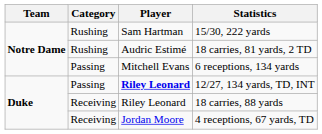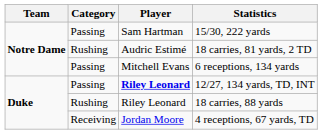 <table class="wikitable" style="float: right;">
 <tr>
 <th>Team</th>
 <th>Category</th>
 <th>Player</th>
 <th>Statistics</th>
 </tr>
 <tr>
 <td rowspan=3><strong>Notre Dame</strong></td>
-<td>Rushing</td>
+<td>Passing</td>
 <td>Sam Hartman</td>
 <td>15/30, 222 yards</td>
 </tr>
 <tr>
 <td>Rushing</td>
 <td>Audric Estimé</td>
 <td>18 carries, 81 yards, 2 TD</td>
 </tr>
 <tr>
 <td>Passing</td>
 <td>Mitchell Evans</td>
 <td>6 receptions, 134 yards</td>
 </tr>
 <tr>
 <td rowspan=3><strong>Duke</strong></td>
 <td>Passing</td>
 <td><strong><a href='#'>Riley Leonard</a></strong></td>
 <td>12/27, 134 yards, TD, INT</td>
 </tr>
 <tr>
-<td>Receiving</td>
+<td>Rushing</td>
 <td>Riley Leonard</td>
 <td>18 carries, 88 yards</td>
 </tr>
 <tr>
 <td>Receiving</td>
 <td><a href='#'>Jordan Moore</a></td>
 <td>4 receptions, 67 yards, TD</td>
 </tr>
 </table>
